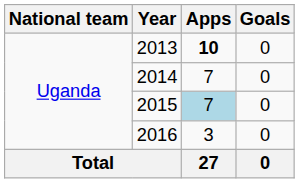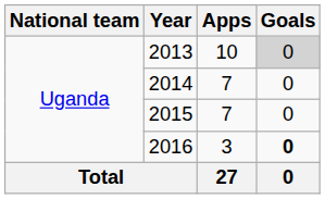 <table class="wikitable" style="text-align:center">
 <tr>
 <th>National team</th>
 <th>Year</th>
 <th>Apps</th>
 <th>Goals</th>
 </tr>
 <tr>
 <td rowspan="4"><a href='#'>Uganda</a></td>
 <td>2013</td>
-<td><strong>10</strong></td>
-<td>0</td>
+<td>10</td>
+<td style="background: lightgrey;">0</td>
 </tr>
 <tr>
 <td>2014</td>
 <td>7</td>
 <td>0</td>
 </tr>
 <tr>
 <td>2015</td>
-<td style="background: lightblue;">7</td>
+<td>7</td>
 <td>0</td>
 </tr>
 <tr>
 <td>2016</td>
 <td>3</td>
-<td>0</td>
+<td><strong>0</strong></td>
 </tr>
 <tr>
 <th colspan="2">Total</th>
 <th>27</th>
 <th>0</th>
 </tr>
 </table>
